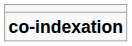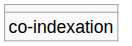 <table class="wikitable">
 <tr>
 <td></td>
 </tr>
 <tr>
-<td><strong>co-indexation</strong></td>
+<td>co-indexation</td>
 </tr>
 </table>
